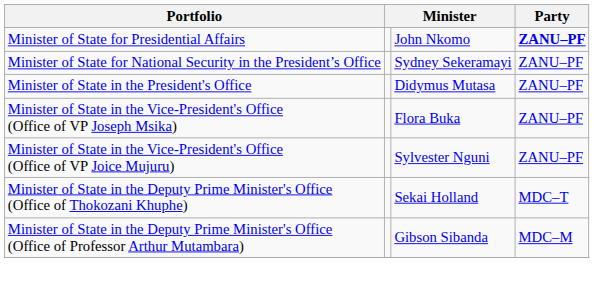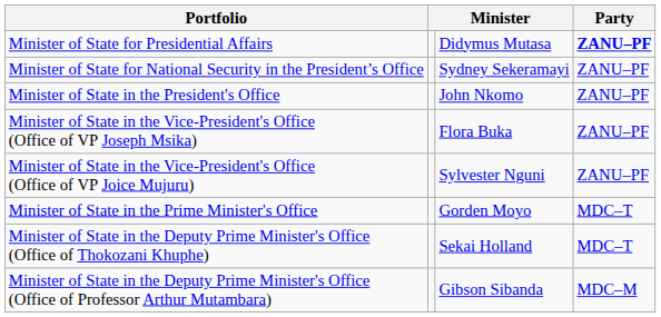 <table class="wikitable">
 <tr>
 <th>Portfolio</th>
 <th colspan="2">Minister</th>
 <th>Party</th>
 </tr>
 <tr>
 <td><a href='#'>Minister of State for Presidential Affairs</a></td>
 <td style="background: "></td>
-<td><a href='#'>John Nkomo</a></td>
+<td><a href='#'>Didymus Mutasa</a></td>
 <td><strong><a href='#'>ZANU–PF</a></strong></td>
 </tr>
 <tr>
 <td><a href='#'>Minister of State for National Security in the President’s Office</a></td>
 <td style="background: "></td>
 <td><a href='#'>Sydney Sekeramayi</a></td>
 <td><a href='#'>ZANU–PF</a></td>
 </tr>
 <tr>
 <td><a href='#'>Minister of State in the President's Office</a></td>
 <td style="background: "></td>
-<td><a href='#'>Didymus Mutasa</a></td>
+<td><a href='#'>John Nkomo</a></td>
 <td><a href='#'>ZANU–PF</a></td>
 </tr>
 <tr>
 <td><a href='#'>Minister of State in the Vice-President's Office</a><br>(Office of VP <a href='#'>Joseph Msika</a>)</td>
 <td style="background: "></td>
 <td><a href='#'>Flora Buka</a></td>
 <td><a href='#'>ZANU–PF</a></td>
 </tr>
 <tr>
 <td><a href='#'>Minister of State in the Vice-President's Office</a><br>(Office of VP <a href='#'>Joice Mujuru</a>)</td>
 <td style="background: "></td>
 <td><a href='#'>Sylvester Nguni</a></td>
 <td><a href='#'>ZANU–PF</a></td>
+</tr>
+<tr>
+<td><a href='#'>Minister of State in the Prime Minister's Office</a></td>
+<td style="background: "></td>
+<td><a href='#'>Gorden Moyo</a></td>
+<td><a href='#'>MDC–T</a></td>
 </tr>
 <tr>
 <td><a href='#'>Minister of State in the Deputy Prime Minister's Office</a><br>(Office of <a href='#'>Thokozani Khuphe</a>)</td>
 <td style="background: "></td>
 <td><a href='#'>Sekai Holland</a></td>
 <td><a href='#'>MDC–T</a></td>
 </tr>
 <tr>
 <td><a href='#'>Minister of State in the Deputy Prime Minister's Office</a><br>(Office of Professor <a href='#'>Arthur Mutambara</a>)</td>
 <td style="background: "></td>
 <td><a href='#'>Gibson Sibanda</a></td>
 <td><a href='#'>MDC–M</a></td>
 </tr>
 <tr>
 </tr>
 </table>
